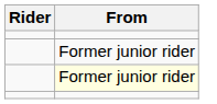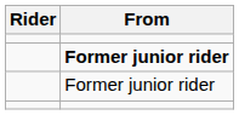 <table class="wikitable sortable">
 <tr>
 <th>Rider</th>
 <th>From</th>
 </tr>
 <tr>
 <td></td>
 <td></td>
 </tr>
 <tr>
 <td></td>
-<td>Former junior rider</td>
+<td><strong>Former junior rider</strong></td>
 </tr>
 <tr>
 <td></td>
-<td style="background: lightyellow;">Former junior rider</td>
+<td>Former junior rider</td>
 </tr>
 <tr>
 <td></td>
 <td></td>
 </tr>
 </table>
